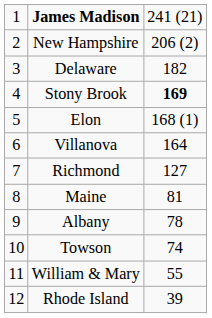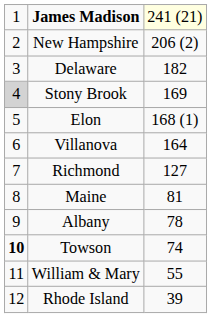 <table class="wikitable">
 <tr align="center">
 </tr>
 <tr align="center">
 <td>1</td>
 <td><strong>James Madison</strong></td>
-<td>241 (21)</td>
+<td style="background: lightyellow;">241 (21)</td>
 </tr>
 <tr align="center">
 <td>2</td>
 <td>New Hampshire</td>
 <td>206 (2)</td>
 </tr>
 <tr align="center">
 <td>3</td>
 <td>Delaware</td>
 <td>182</td>
 </tr>
 <tr align="center">
-<td>4</td>
+<td style="background: lightgrey;">4</td>
 <td>Stony Brook</td>
-<td><strong>169</strong></td>
+<td>169</td>
 </tr>
 <tr align="center">
 <td>5</td>
 <td>Elon</td>
 <td>168 (1)</td>
 </tr>
 <tr align="center">
 <td>6</td>
 <td>Villanova</td>
 <td>164</td>
 </tr>
 <tr align="center">
 <td>7</td>
 <td>Richmond</td>
 <td>127</td>
 </tr>
 <tr align="center">
 <td>8</td>
 <td>Maine</td>
 <td>81</td>
 </tr>
 <tr align="center">
 <td>9</td>
 <td>Albany</td>
 <td>78</td>
 </tr>
 <tr align="center">
-<td>10</td>
+<td><strong>10</strong></td>
 <td>Towson</td>
 <td>74</td>
 </tr>
 <tr align="center">
 <td>11</td>
 <td>William & Mary</td>
 <td>55</td>
 </tr>
 <tr align="center">
 <td>12</td>
 <td>Rhode Island</td>
 <td>39</td>
 </tr>
 </table>
